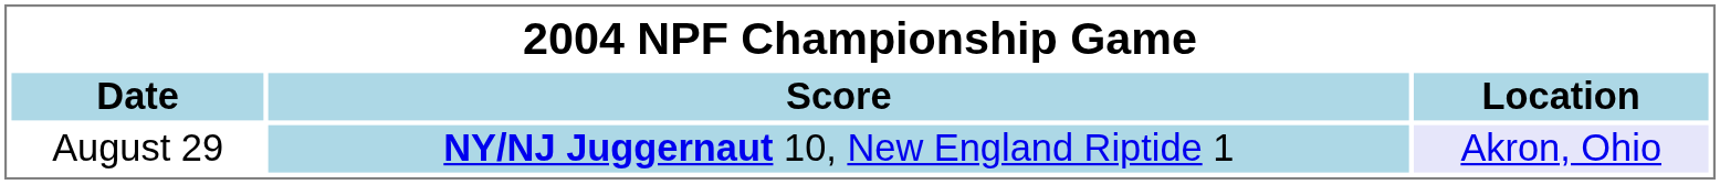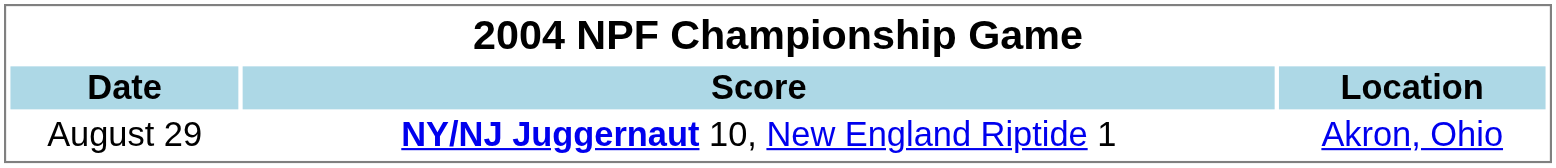 <table cellpadding="1"  style="min-width:45em;text-align:center;font-size:100%; border:1px solid gray;">
 <tr style="font-size:larger;">
 <th colspan=8>2004 NPF Championship Game</th>
 </tr>
 <tr style="background:lightblue;">
 <th>Date</th>
 <th>Score</th>
 <th>Location</th>
 </tr>
 <tr>
 <td>August 29</td>
-<td style="background: lightblue;"><strong><a href='#'>NY/NJ Juggernaut</a></strong> 10, <a href='#'>New England Riptide</a> 1</td>
-<td style="background: lavender;"><a href='#'>Akron, Ohio</a></td>
+<td><strong><a href='#'>NY/NJ Juggernaut</a></strong> 10, <a href='#'>New England Riptide</a> 1</td>
+<td><a href='#'>Akron, Ohio</a></td>
 </tr>
 </table>
